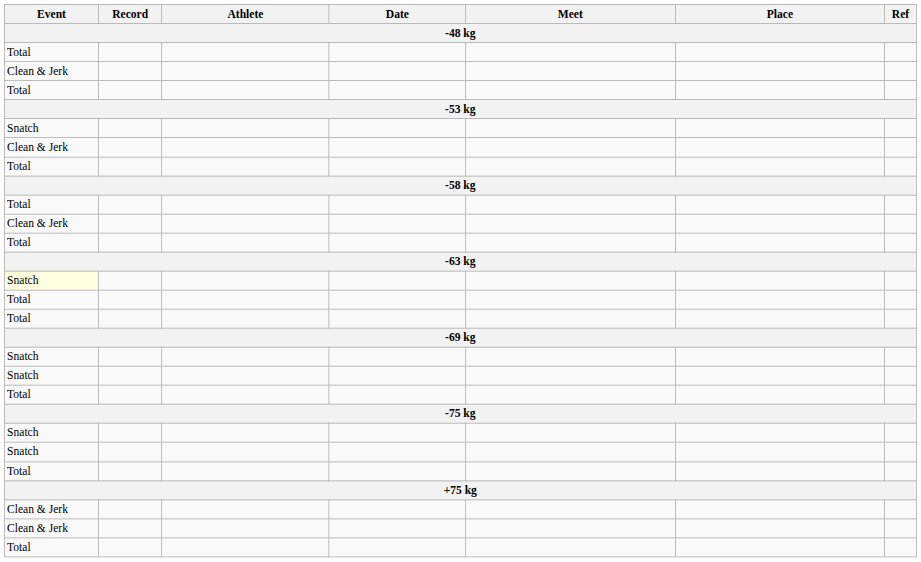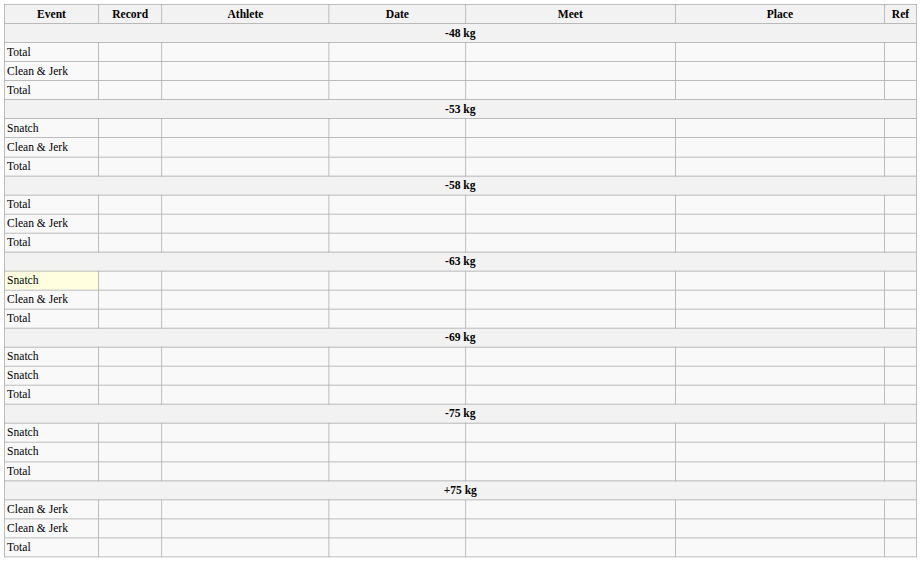 <table class="wikitable" style="font-size:95%; width: 95%;">
 <tr>
 <th width=9%>Event</th>
 <th width=6%>Record</th>
 <th width=16%>Athlete</th>
 <th width=13%>Date</th>
 <th width=20%>Meet</th>
 <th width=20%>Place</th>
 <th width=3%>Ref</th>
 </tr>
 <tr bgcolor="#DDDDDD">
 <th colspan="7">-48 kg</th>
 </tr>
 <tr>
 <td>Total</td>
 <td></td>
 <td></td>
 <td></td>
 <td></td>
 <td></td>
 <td></td>
 </tr>
 <tr>
 <td>Clean & Jerk</td>
 <td></td>
 <td></td>
 <td></td>
 <td></td>
 <td></td>
 <td></td>
 </tr>
 <tr>
 <td>Total</td>
 <td></td>
 <td></td>
 <td></td>
 <td></td>
 <td></td>
 <td></td>
 </tr>
 <tr bgcolor="#DDDDDD">
 <th colspan="7">-53 kg</th>
 </tr>
 <tr>
 <td>Snatch</td>
 <td></td>
 <td></td>
 <td></td>
 <td></td>
 <td></td>
 <td></td>
 </tr>
 <tr>
 <td>Clean & Jerk</td>
 <td></td>
 <td></td>
 <td></td>
 <td></td>
 <td></td>
 <td></td>
 </tr>
 <tr>
 <td>Total</td>
 <td></td>
 <td></td>
 <td></td>
 <td></td>
 <td></td>
 <td></td>
 </tr>
 <tr bgcolor="#DDDDDD">
 <th colspan="7">-58 kg</th>
 </tr>
 <tr>
 <td>Total</td>
 <td></td>
 <td></td>
 <td></td>
 <td></td>
 <td></td>
 <td></td>
 </tr>
 <tr>
 <td>Clean & Jerk</td>
 <td></td>
 <td></td>
 <td></td>
 <td></td>
 <td></td>
 <td></td>
 </tr>
 <tr>
 <td>Total</td>
 <td></td>
 <td></td>
 <td></td>
 <td></td>
 <td></td>
 <td></td>
 </tr>
 <tr bgcolor="#DDDDDD">
 <th colspan="7">-63 kg</th>
 </tr>
 <tr>
 <td style="background: lightyellow;">Snatch</td>
 <td align=center></td>
 <td></td>
 <td></td>
 <td></td>
 <td></td>
 <td></td>
 </tr>
 <tr>
-<td>Total</td>
+<td>Clean & Jerk</td>
 <td align=center></td>
 <td></td>
 <td></td>
 <td></td>
 <td></td>
 <td></td>
 </tr>
 <tr>
 <td>Total</td>
 <td align=center></td>
 <td></td>
 <td></td>
 <td></td>
 <td></td>
 <td></td>
 </tr>
 <tr bgcolor="#DDDDDD">
 <th colspan="7">-69 kg</th>
 </tr>
 <tr>
 <td>Snatch</td>
 <td></td>
 <td></td>
 <td></td>
 <td></td>
 <td></td>
 <td></td>
 </tr>
 <tr>
 <td>Snatch</td>
 <td></td>
 <td></td>
 <td></td>
 <td></td>
 <td></td>
 <td></td>
 </tr>
 <tr>
 <td>Total</td>
 <td></td>
 <td></td>
 <td></td>
 <td></td>
 <td></td>
 <td></td>
 </tr>
 <tr bgcolor="#DDDDDD">
 <th colspan="7">-75 kg</th>
 </tr>
 <tr>
 <td>Snatch</td>
 <td></td>
 <td></td>
 <td></td>
 <td></td>
 <td></td>
 <td></td>
 </tr>
 <tr>
 <td>Snatch</td>
 <td></td>
 <td></td>
 <td></td>
 <td></td>
 <td></td>
 <td></td>
 </tr>
 <tr>
 <td>Total</td>
 <td></td>
 <td></td>
 <td></td>
 <td></td>
 <td></td>
 <td></td>
 </tr>
 <tr bgcolor="#DDDDDD">
 <th colspan="7">+75 kg</th>
 </tr>
 <tr>
 <td>Clean & Jerk</td>
 <td></td>
 <td></td>
 <td></td>
 <td></td>
 <td></td>
 <td></td>
 </tr>
 <tr>
 <td>Clean & Jerk</td>
 <td></td>
 <td></td>
 <td></td>
 <td></td>
 <td></td>
 <td></td>
 </tr>
 <tr>
 <td>Total</td>
 <td></td>
 <td></td>
 <td></td>
 <td></td>
 <td></td>
 <td></td>
 </tr>
 </table>
